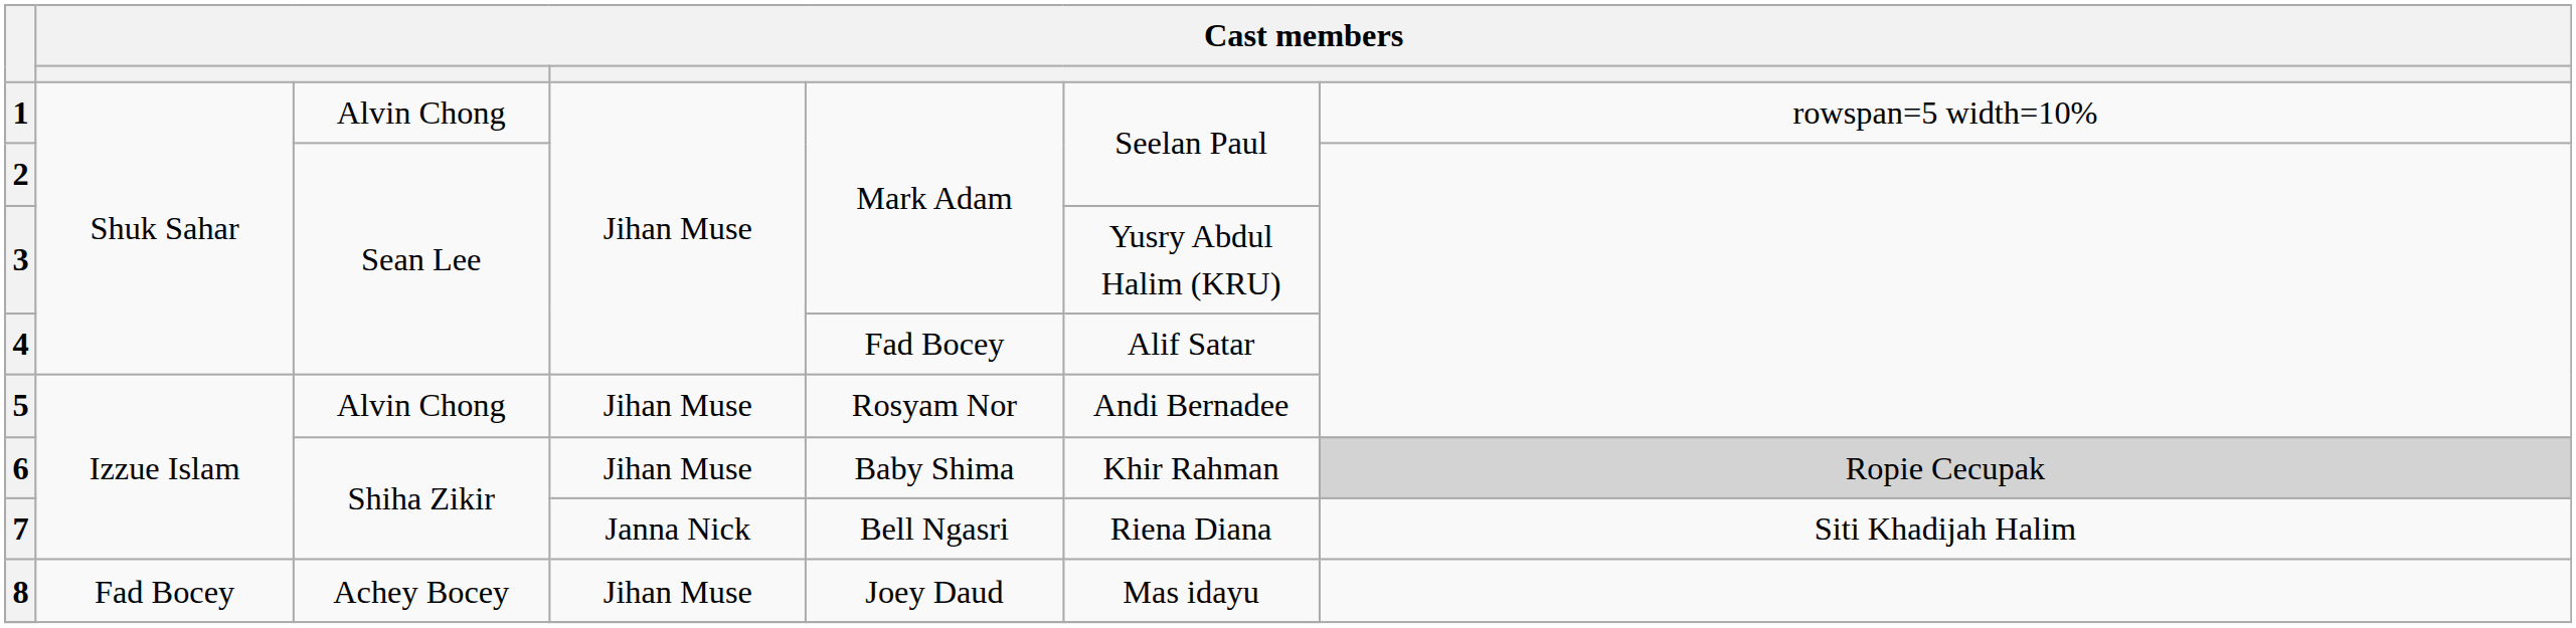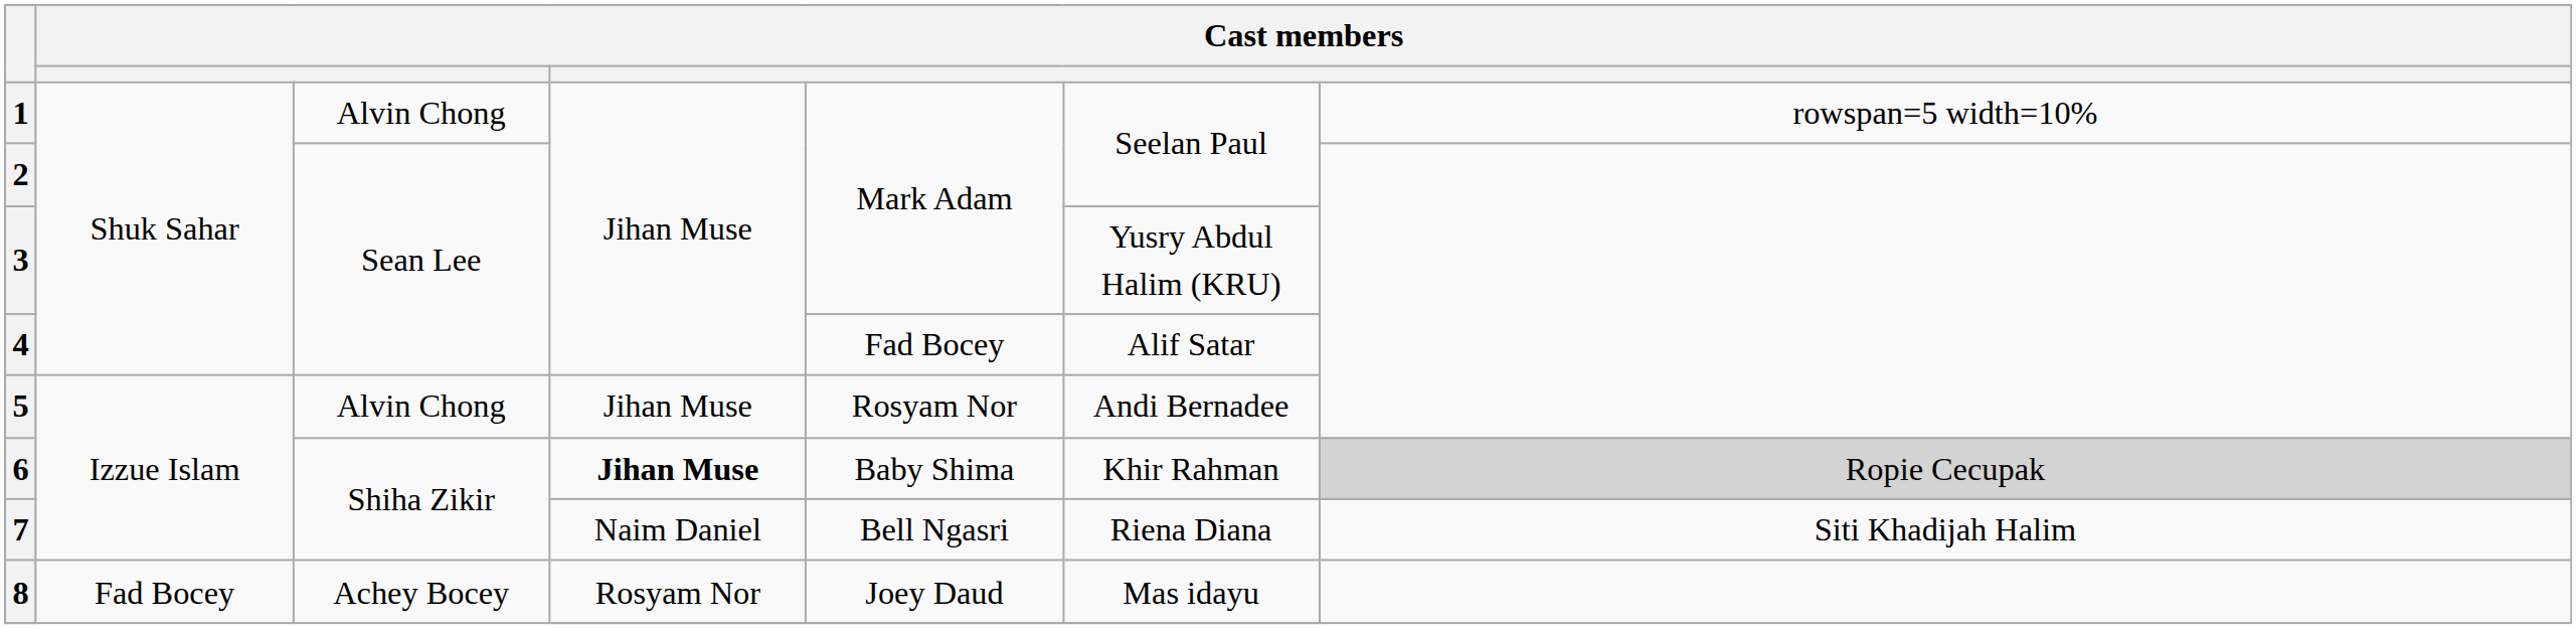 <table class="wikitable plainrowheaders" style="width:100%; text-align:center; line-height:23px;">
 <tr>
 <th rowspan=2 width=1%></th>
 <th colspan=6>Cast members </th>
 </tr>
 <tr>
 <th colspan=2></th>
 <th colspan=4></th>
 </tr>
 <tr>
 <th>1</th>
 <td rowspan=4 width=10%>Shuk Sahar</td>
 <td width=10%>Alvin Chong</td>
 <td rowspan=4 width=10%>Jihan Muse</td>
 <td rowspan=3 width=10%>Mark Adam</td>
 <td rowspan=2 width=10%>Seelan Paul</td>
 <td>rowspan=5 width=10% </td>
 </tr>
 <tr>
 <th>2</th>
 <td rowspan=3>Sean Lee</td>
 </tr>
 <tr>
 <th>3</th>
 <td>Yusry Abdul Halim (KRU)</td>
 </tr>
 <tr>
 <th>4</th>
 <td>Fad Bocey</td>
 <td>Alif Satar</td>
 </tr>
 <tr>
 <th>5</th>
 <td rowspan=3>Izzue Islam</td>
 <td width=10%>Alvin Chong</td>
 <td>Jihan Muse</td>
 <td>Rosyam Nor</td>
 <td>Andi Bernadee</td>
 </tr>
 <tr>
 <th>6</th>
 <td rowspan=2>Shiha Zikir</td>
-<td>Jihan Muse</td>
+<td><strong>Jihan Muse</strong></td>
 <td>Baby Shima</td>
 <td>Khir Rahman</td>
 <td style="background: lightgrey;">Ropie Cecupak</td>
 </tr>
 <tr>
 <th>7</th>
-<td>Janna Nick</td>
+<td>Naim Daniel</td>
 <td>Bell Ngasri</td>
 <td>Riena Diana</td>
 <td>Siti Khadijah Halim</td>
 </tr>
 <tr>
 <th>8</th>
 <td rowspan=2>Fad Bocey</td>
 <td rowspan=2>Achey Bocey</td>
-<td>Jihan Muse</td>
+<td>Rosyam Nor</td>
 <td>Joey Daud</td>
 <td>Mas idayu</td>
 </tr>
 <tr>
 </tr>
 </table>
